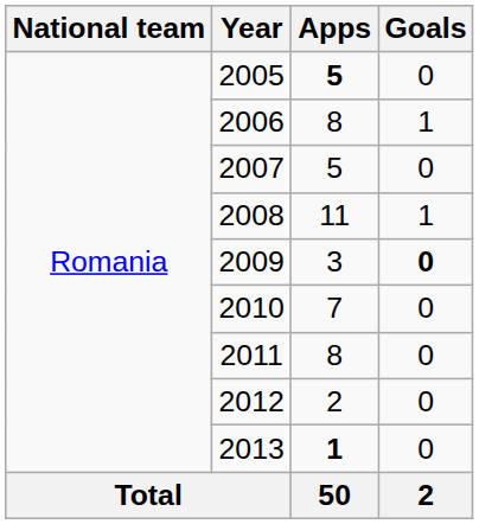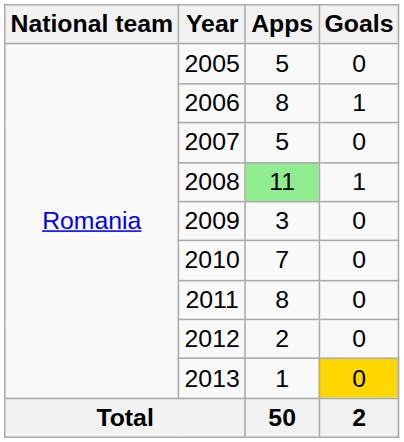 <table class="wikitable" style="text-align:center">
 <tr>
 <th>National team</th>
 <th>Year</th>
 <th>Apps</th>
 <th>Goals</th>
 </tr>
 <tr>
 <td rowspan="9"><a href='#'>Romania</a></td>
 <td>2005</td>
-<td><strong>5</strong></td>
+<td>5</td>
 <td>0</td>
 </tr>
 <tr>
 <td>2006</td>
 <td>8</td>
 <td>1</td>
 </tr>
 <tr>
 <td>2007</td>
 <td>5</td>
 <td>0</td>
 </tr>
 <tr>
 <td>2008</td>
-<td>11</td>
+<td style="background: lightgreen;">11</td>
 <td>1</td>
 </tr>
 <tr>
 <td>2009</td>
 <td>3</td>
-<td><strong>0</strong></td>
+<td>0</td>
 </tr>
 <tr>
 <td>2010</td>
 <td>7</td>
 <td>0</td>
 </tr>
 <tr>
 <td>2011</td>
 <td>8</td>
 <td>0</td>
 </tr>
 <tr>
 <td>2012</td>
 <td>2</td>
 <td>0</td>
 </tr>
 <tr>
 <td>2013</td>
-<td><strong>1</strong></td>
-<td>0</td>
+<td>1</td>
+<td style="background: gold;">0</td>
 </tr>
 <tr>
 <th colspan="2">Total</th>
 <th>50</th>
 <th>2</th>
 </tr>
 </table>
